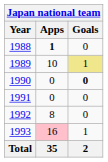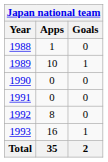 <table class="wikitable" style="text-align:center">
 <tr>
 <th colspan=3><a href='#'>Japan national team</a></th>
 </tr>
 <tr>
 <th>Year</th>
 <th>Apps</th>
 <th>Goals</th>
 </tr>
 <tr>
 <td><a href='#'>1988</a></td>
-<td><strong>1</strong></td>
+<td>1</td>
 <td>0</td>
 </tr>
 <tr>
 <td><a href='#'>1989</a></td>
 <td>10</td>
-<td style="background: khaki;">1</td>
+<td>1</td>
 </tr>
 <tr>
 <td><a href='#'>1990</a></td>
 <td>0</td>
-<td><strong>0</strong></td>
+<td>0</td>
 </tr>
 <tr>
 <td><a href='#'>1991</a></td>
 <td>0</td>
 <td>0</td>
 </tr>
 <tr>
 <td><a href='#'>1992</a></td>
 <td>8</td>
 <td>0</td>
 </tr>
 <tr>
 <td><a href='#'>1993</a></td>
-<td style="background: pink;">16</td>
+<td>16</td>
 <td>1</td>
 </tr>
 <tr>
 <th>Total</th>
 <th>35</th>
 <th>2</th>
 </tr>
 </table>
